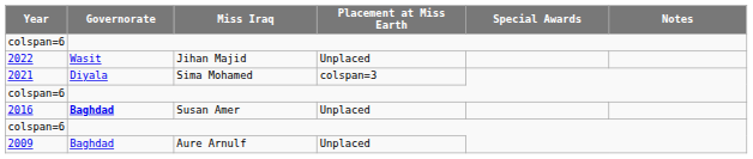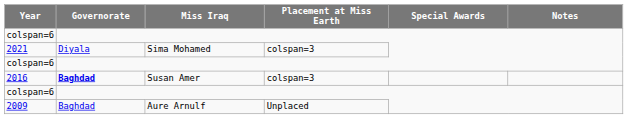 <table class="wikitable " style="font-size: 95%;">
 <tr>
 <th width="60" style="background-color:#787878;color:#FFFFFF;">Year</th>
 <th width="150" style="background-color:#787878;color:#FFFFFF;">Governorate</th>
 <th width="250" style="background-color:#787878;color:#FFFFFF;">Miss Iraq</th>
 <th width="250" style="background-color:#787878;color:#FFFFFF;">Placement at Miss Earth</th>
 <th width="250" style="background-color:#787878;color:#FFFFFF;">Special Awards</th>
 <th width="250" style="background-color:#787878;color:#FFFFFF;">Notes</th>
 </tr>
 <tr>
 <td>colspan=6 </td>
-</tr>
-<tr>
-<td><a href='#'>2022</a></td>
-<td><a href='#'>Wasit</a></td>
-<td>Jihan Majid</td>
-<td>Unplaced</td>
-<td></td>
-<td></td>
 </tr>
 <tr>
 <td><a href='#'>2021</a></td>
 <td><a href='#'>Diyala</a></td>
 <td>Sima Mohamed</td>
 <td>colspan=3 </td>
 </tr>
 <tr>
 <td>colspan=6 </td>
 </tr>
 <tr>
 <td><a href='#'>2016</a></td>
 <td><strong><a href='#'>Baghdad</a></strong></td>
 <td>Susan Amer</td>
-<td>Unplaced</td>
+<td>colspan=3 </td>
 <td></td>
 <td></td>
 </tr>
 <tr>
 <td>colspan=6 </td>
 </tr>
 <tr>
 <td><a href='#'>2009</a></td>
 <td><a href='#'>Baghdad</a></td>
 <td>Aure Arnulf</td>
 <td>Unplaced</td>
 </tr>
 </table>
